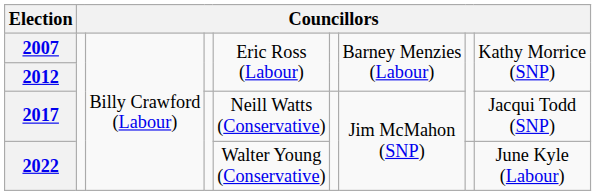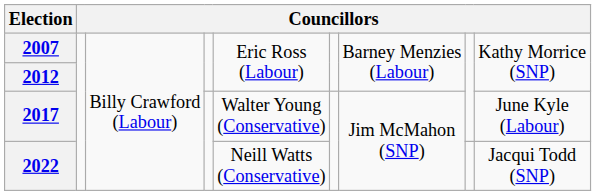 <table class="wikitable" style="text-align:center">
 <tr>
 <th>Election</th>
 <th colspan=8>Councillors</th>
 </tr>
 <tr>
 <th><a href='#'>2007</a></th>
 <td rowspan=4; style="background-color: "></td>
 <td rowspan=4>Billy Crawford<br>(<a href='#'>Labour</a>)</td>
 <td rowspan=2; style="background-color: "></td>
 <td rowspan=2>Eric Ross<br>(<a href='#'>Labour</a>)</td>
 <td rowspan=2; style="background-color: "></td>
 <td rowspan=2>Barney Menzies<br>(<a href='#'>Labour</a>)</td>
 <td rowspan=3; style="background-color: "></td>
 <td rowspan=2>Kathy Morrice<br>(<a href='#'>SNP</a>)</td>
 </tr>
 <tr>
 <th><a href='#'>2012</a></th>
 </tr>
 <tr>
 <th><a href='#'>2017</a></th>
 <td rowspan=2; style="background-color: "></td>
-<td rowspan=1>Neill Watts<br>(<a href='#'>Conservative</a>)</td>
+<td rowspan=1>Walter Young<br>(<a href='#'>Conservative</a>)</td>
 <td rowspan=2; style="background-color: "></td>
 <td rowspan=2>Jim McMahon<br>(<a href='#'>SNP</a>)</td>
-<td rowspan=1>Jacqui Todd<br>(<a href='#'>SNP</a>)</td>
+<td rowspan=1>June Kyle<br>(<a href='#'>Labour</a>)</td>
 </tr>
 <tr>
 <th><a href='#'>2022</a></th>
-<td rowspan=1>Walter Young<br>(<a href='#'>Conservative</a>)</td>
+<td rowspan=1>Neill Watts<br>(<a href='#'>Conservative</a>)</td>
 <td rowspan=1; style="background-color: "></td>
-<td rowspan=1>June Kyle<br>(<a href='#'>Labour</a>)</td>
+<td rowspan=1>Jacqui Todd<br>(<a href='#'>SNP</a>)</td>
 </tr>
 </table>
